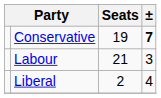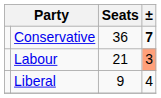 <table class="sortable wikitable">
 <tr>
 <th colspan="2">Party</th>
 <th>Seats</th>
 <th>±</th>
 </tr>
 <tr>
 <td style="background-color: "></td>
 <td><a href='#'>Conservative</a></td>
-<td align="center">19</td>
+<td align="center">36</td>
 <td align="center"><strong>7</strong></td>
 </tr>
 <tr>
 <td style="background-color: "></td>
 <td><a href='#'>Labour</a></td>
 <td align="center">21</td>
-<td align="center">3</td>
+<td align="center" style="background: lightsalmon;">3</td>
 </tr>
 <tr>
 <td style="background-color: "></td>
 <td><a href='#'>Liberal</a></td>
-<td align="center">2</td>
+<td align="center">9</td>
 <td align="center">4</td>
 </tr>
 <tr>
 </tr>
 </table>
